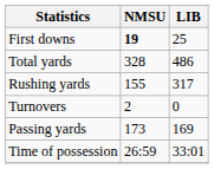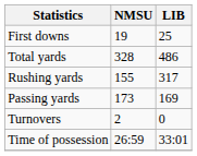 <table class="wikitable">
 <tr>
 <th>Statistics</th>
 <th>NMSU</th>
 <th>LIB</th>
 </tr>
 <tr>
 <td>First downs</td>
-<td><strong>19</strong></td>
+<td>19</td>
 <td>25</td>
 </tr>
 <tr>
 <td>Total yards</td>
 <td>328</td>
 <td>486</td>
 </tr>
 <tr>
 <td>Rushing yards</td>
 <td>155</td>
 <td>317</td>
 </tr>
 <tr>
+<td>Passing yards</td>
+<td>173</td>
+<td>169</td>
+</tr>
+<tr>
 <td>Turnovers</td>
 <td>2</td>
 <td>0</td>
-</tr>
-<tr>
-<td>Passing yards</td>
-<td>173</td>
-<td>169</td>
 </tr>
 <tr>
 <td>Time of possession</td>
 <td>26:59</td>
 <td>33:01</td>
 </tr>
 <tr>
 </tr>
 </table>
